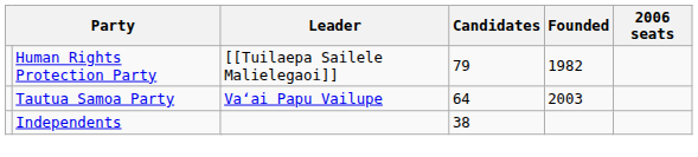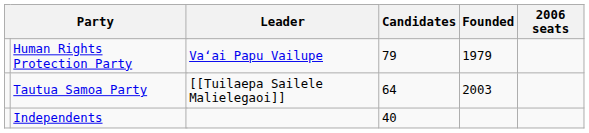 <table class=wikitable>
 <tr>
 <th colspan=3>Party</th>
 <th>Leader</th>
 <th>Candidates</th>
 <th>Founded</th>
 <th>2006 seats</th>
 </tr>
 <tr>
 <td style="background:"></td>
 <td colspan="2"><a href='#'>Human Rights Protection Party</a></td>
-<td>[[Tuilaepa Sailele Malielegaoi]]</td>
+<td><a href='#'>Vaʻai Papu Vailupe</a></td>
 <td>79</td>
-<td>1982</td>
+<td>1979</td>
 <td></td>
 </tr>
 <tr>
 <td style="background:"></td>
 <td colspan="2"><a href='#'>Tautua Samoa Party</a></td>
-<td><a href='#'>Vaʻai Papu Vailupe</a></td>
+<td>[[Tuilaepa Sailele Malielegaoi]]</td>
 <td>64</td>
 <td>2003</td>
 <td></td>
 </tr>
 <tr>
 <td style="background:"></td>
 <td colspan="2"><a href='#'>Independents</a></td>
 <td></td>
-<td>38</td>
+<td>40</td>
 <td></td>
 <td></td>
 </tr>
 </table>
